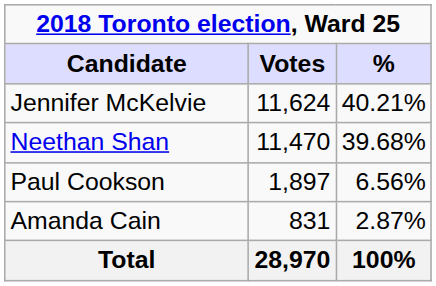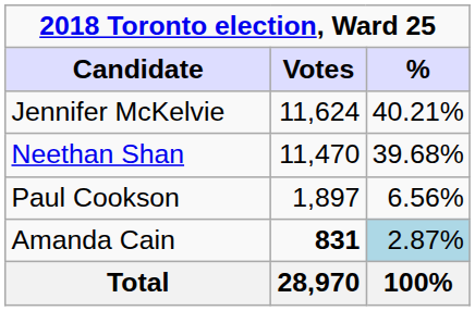 <table class="wikitable">
 <tr>
 <td colspan="3" style="text-align:center;"><strong><a href='#'>2018 Toronto election</a>, Ward 25</strong></td>
 </tr>
 <tr>
 <th style="background:#ddf; width:150px;">Candidate</th>
 <th style="background:#ddf;">Votes</th>
 <th style="background:#ddf;">%</th>
 </tr>
 <tr>
 <td>Jennifer McKelvie</td>
 <td align=right>11,624</td>
 <td align-right>40.21%</td>
 </tr>
 <tr>
 <td><a href='#'>Neethan Shan</a></td>
 <td align=right>11,470</td>
 <td align=right>39.68%</td>
 </tr>
 <tr>
 <td>Paul Cookson</td>
 <td align=right>1,897</td>
 <td align=right>6.56%</td>
 </tr>
 <tr>
 <td>Amanda Cain</td>
-<td align=right>831</td>
-<td align=right>2.87%</td>
+<td align=right><strong>831</strong></td>
+<td align=right style="background: lightblue;">2.87%</td>
 </tr>
 <tr>
 <th>Total</th>
 <th align=right>28,970</th>
 <th align=right>100%</th>
 </tr>
 </table>
